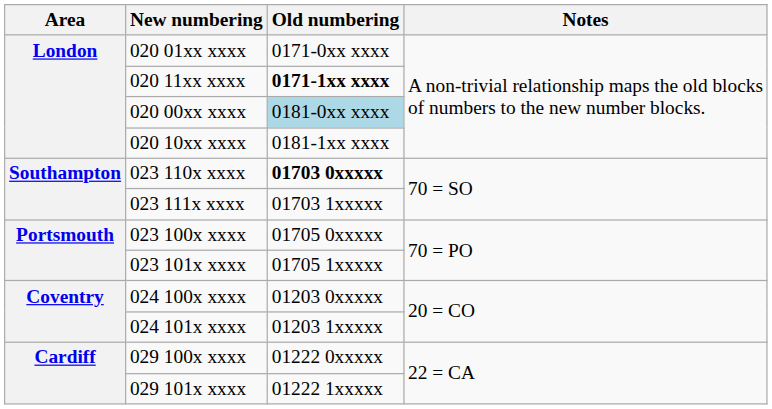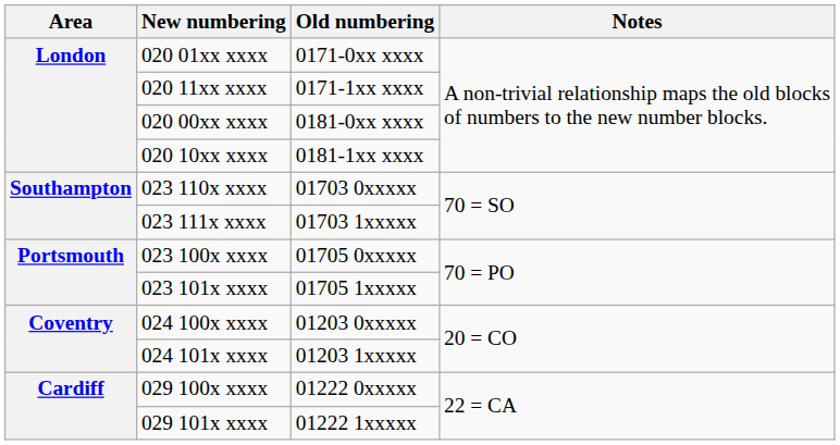 <table class="wikitable" style="margin-left: 1.5em;">
 <tr>
 <th scope="col">Area</th>
 <th scope="col">New numbering</th>
 <th scope="col">Old numbering</th>
 <th scope="col">Notes</th>
 </tr>
 <tr>
 <th rowspan="4" scope="row" style="vertical-align: top;"><a href='#'>London</a></th>
 <td>020 01xx xxxx</td>
 <td>0171-0xx xxxx</td>
 <td rowspan="4">A non-trivial relationship maps the old blocks<br>of numbers to the new number blocks.</td>
 </tr>
 <tr>
 <td>020 11xx xxxx</td>
-<td><strong>0171-1xx xxxx</strong></td>
+<td>0171-1xx xxxx</td>
 </tr>
 <tr>
 <td>020 00xx xxxx</td>
-<td style="background: lightblue;">0181-0xx xxxx</td>
+<td>0181-0xx xxxx</td>
 </tr>
 <tr>
 <td>020 10xx xxxx</td>
 <td>0181-1xx xxxx</td>
 </tr>
 <tr>
 <th rowspan="2" scope="row" style="vertical-align: top;"><a href='#'>Southampton</a></th>
 <td>023 110x xxxx</td>
-<td><strong>01703 0xxxxx</strong></td>
+<td>01703 0xxxxx</td>
 <td rowspan="2">70 = SO</td>
 </tr>
 <tr>
 <td>023 111x xxxx</td>
 <td>01703 1xxxxx</td>
 </tr>
 <tr>
 <th rowspan="2" scope="row" style="vertical-align: top;"><a href='#'>Portsmouth</a></th>
 <td>023 100x xxxx</td>
 <td>01705 0xxxxx</td>
 <td rowspan="2">70 = PO</td>
 </tr>
 <tr>
 <td>023 101x xxxx</td>
 <td>01705 1xxxxx</td>
 </tr>
 <tr>
 <th rowspan="2" scope="row" style="vertical-align: top;"><a href='#'>Coventry</a></th>
 <td>024 100x xxxx</td>
 <td>01203 0xxxxx</td>
 <td rowspan="2">20 = CO</td>
 </tr>
 <tr>
 <td>024 101x xxxx</td>
 <td>01203 1xxxxx</td>
 </tr>
 <tr>
 <th rowspan="2" scope="row" style="vertical-align: top;"><a href='#'>Cardiff</a></th>
 <td>029 100x xxxx</td>
 <td>01222 0xxxxx</td>
 <td rowspan="2">22 = CA</td>
 </tr>
 <tr>
 <td>029 101x xxxx</td>
 <td>01222 1xxxxx</td>
 </tr>
 </table>
